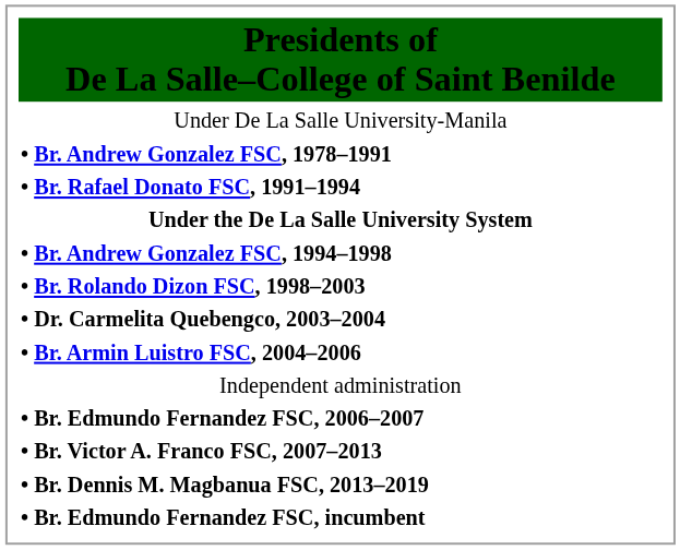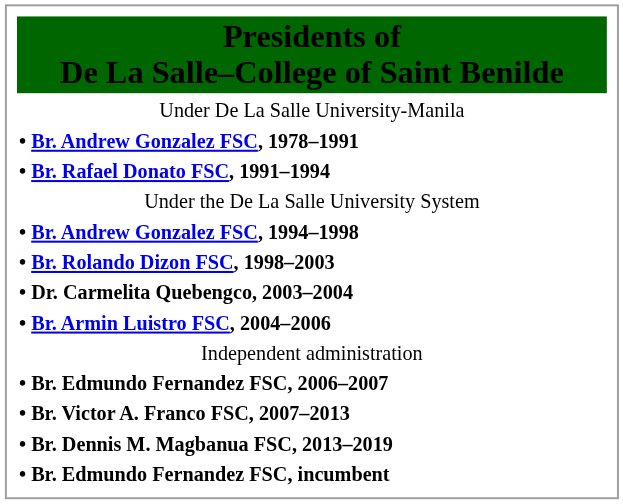 <table style="float:right; margin:1em; width:19em; border:1px solid #a0a0a0; padding:3px; bg-color=yellow; text-align:right;">
 <tr style="background:#060; text-align:center;">
 <td><span><strong>Presidents of<br>De La Salle–College of Saint Benilde</strong></span></td>
 </tr>
 <tr style="text-align:center; font-size:x-small;">
 <td>Under De La Salle University-Manila</td>
 </tr>
 <tr style="text-align:left; font-size:x-small;">
 <td><strong>• <a href='#'>Br. Andrew Gonzalez FSC</a>, 1978–1991</strong></td>
 </tr>
 <tr style="text-align:left; font-size:x-small;">
 <td><strong>• <a href='#'>Br. Rafael Donato FSC</a>, 1991–1994</strong></td>
 </tr>
 <tr style="text-align:center; font-size:x-small;">
-<td><strong>Under the De La Salle University System</strong></td>
+<td>Under the De La Salle University System</td>
 </tr>
 <tr style="text-align:left; font-size:x-small;">
 <td><strong>• <a href='#'>Br. Andrew Gonzalez FSC</a>, 1994–1998</strong></td>
 </tr>
 <tr style="text-align:left; font-size:x-small;">
 <td><strong>• <a href='#'>Br. Rolando Dizon FSC</a>, 1998–2003</strong></td>
 </tr>
 <tr style="text-align:left; font-size:x-small;">
 <td><strong>• Dr. Carmelita Quebengco, 2003–2004</strong></td>
 </tr>
 <tr style="text-align:left; font-size:x-small;">
 <td><strong>• <a href='#'>Br. Armin Luistro FSC</a>, 2004–2006</strong></td>
 </tr>
 <tr style="text-align:center; font-size:x-small;">
 <td>Independent administration</td>
 </tr>
 <tr style="text-align:left; font-size:x-small;">
 <td><strong>• Br. Edmundo Fernandez FSC, 2006–2007</strong></td>
 </tr>
 <tr style="text-align:left; font-size:x-small;">
 <td><strong>• Br. Victor A. Franco FSC, 2007–2013</strong></td>
 </tr>
 <tr style="text-align:left; font-size:x-small;">
 <td><strong>• Br. Dennis M. Magbanua FSC, 2013–2019</strong></td>
 </tr>
 <tr style="text-align:left; font-size:x-small;">
 <td><strong>• Br. Edmundo Fernandez FSC, incumbent</strong></td>
 </tr>
 </table>
